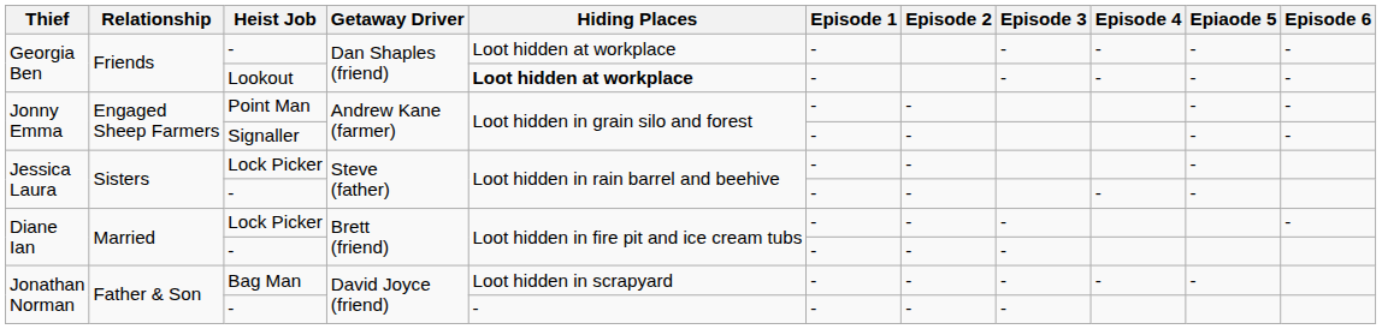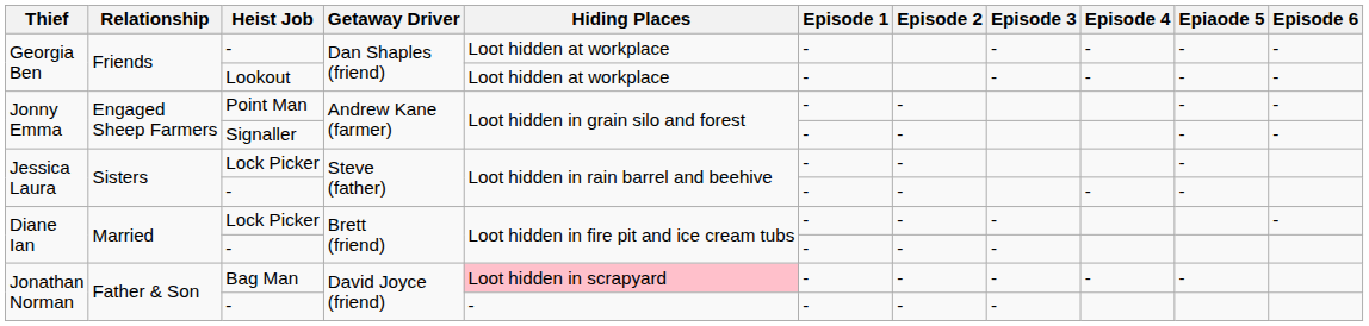 <table class="wikitable">
 <tr>
 <th>Thief</th>
 <th>Relationship</th>
 <th>Heist Job</th>
 <th>Getaway Driver</th>
 <th>Hiding Places</th>
 <th>Episode 1</th>
 <th>Episode 2</th>
 <th>Episode 3</th>
 <th>Episode 4</th>
 <th>Epiaode 5</th>
 <th>Episode 6</th>
 </tr>
 <tr>
 <td rowspan="2">Georgia<br>Ben</td>
 <td rowspan="2">Friends</td>
 <td>-</td>
 <td rowspan="2">Dan Shaples<br>(friend)</td>
 <td>Loot hidden at workplace</td>
 <td>-</td>
 <td><strong> </strong></td>
 <td>-</td>
 <td>-</td>
 <td>-</td>
 <td>-</td>
 </tr>
 <tr>
 <td>Lookout</td>
-<td><strong>Loot hidden at workplace</strong></td>
+<td>Loot hidden at workplace</td>
 <td>-</td>
 <td><strong> </strong></td>
 <td>-</td>
 <td>-</td>
 <td>-</td>
 <td>-</td>
 </tr>
 <tr>
 <td rowspan="2">Jonny<br>Emma</td>
 <td rowspan="2">Engaged<br>Sheep Farmers</td>
 <td>Point Man</td>
 <td rowspan="2">Andrew Kane<br>(farmer)</td>
 <td rowspan="2">Loot hidden in grain silo and forest</td>
 <td>-</td>
 <td>-</td>
 <td><strong></strong></td>
 <td><strong> </strong></td>
 <td>-</td>
 <td>-</td>
 </tr>
 <tr>
 <td>Signaller</td>
 <td>-</td>
 <td>-</td>
 <td><strong></strong></td>
 <td><strong> </strong></td>
 <td>-</td>
 <td>-</td>
 </tr>
 <tr>
 <td rowspan="2">Jessica<br>Laura</td>
 <td rowspan="2">Sisters</td>
 <td>Lock Picker</td>
 <td rowspan="2">Steve<br>(father)</td>
 <td rowspan="2">Loot hidden in rain barrel and beehive</td>
 <td>-</td>
 <td>-</td>
 <td><strong></strong></td>
 <td><strong></strong></td>
 <td>-</td>
 <td><strong></strong></td>
 </tr>
 <tr>
 <td>-</td>
 <td>-</td>
 <td>-</td>
 <td><strong></strong></td>
 <td>-</td>
 <td>-</td>
 <td><strong></strong></td>
 </tr>
 <tr>
 <td rowspan="2">Diane<br>Ian</td>
 <td rowspan="2">Married</td>
 <td>Lock Picker</td>
 <td rowspan="2">Brett<br>(friend)</td>
 <td rowspan="2">Loot hidden in fire pit and ice cream tubs</td>
 <td>-</td>
 <td>-</td>
 <td>-</td>
 <td><strong></strong></td>
 <td><strong> </strong></td>
 <td>-</td>
 </tr>
 <tr>
 <td>-</td>
 <td>-</td>
 <td>-</td>
 <td>-</td>
 <td><strong></strong></td>
 <td><strong></strong></td>
 <td><strong></strong></td>
 </tr>
 <tr>
 <td rowspan="2">Jonathan<br>Norman</td>
 <td rowspan="2">Father & Son</td>
 <td>Bag Man</td>
 <td rowspan="2">David Joyce<br>(friend)</td>
-<td>Loot hidden in scrapyard</td>
+<td style="background: pink;">Loot hidden in scrapyard</td>
 <td>-</td>
 <td>-</td>
 <td>-</td>
 <td>-</td>
 <td>-</td>
 <td><strong></strong></td>
 </tr>
 <tr>
 <td>-</td>
 <td>-</td>
 <td>-</td>
 <td>-</td>
 <td>-</td>
 <td><strong></strong></td>
 <td><strong></strong></td>
 <td><strong></strong></td>
 </tr>
 </table>
